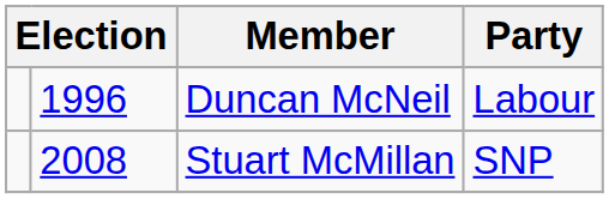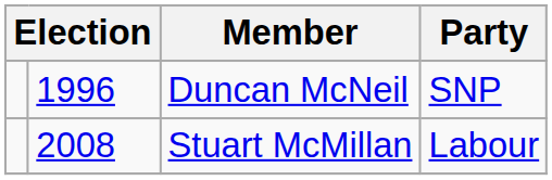 <table class="wikitable">
 <tr>
 <th colspan="2">Election</th>
 <th>Member</th>
 <th>Party</th>
 </tr>
 <tr>
 <td style="background-color: "></td>
 <td><a href='#'>1996</a></td>
 <td><a href='#'>Duncan McNeil</a></td>
-<td><a href='#'>Labour</a></td>
+<td><a href='#'>SNP</a></td>
 </tr>
 <tr>
 <td style="background-color: "></td>
 <td><a href='#'>2008</a></td>
 <td><a href='#'>Stuart McMillan</a></td>
-<td><a href='#'>SNP</a></td>
+<td><a href='#'>Labour</a></td>
 </tr>
 <tr>
 </tr>
 </table>
